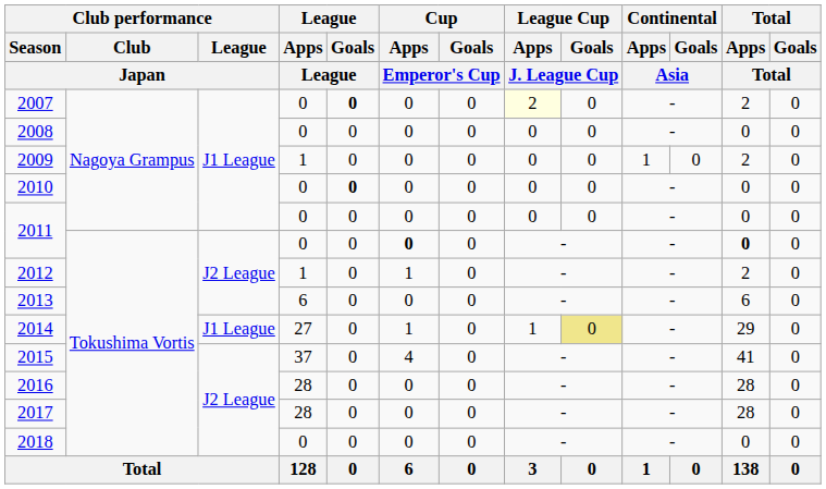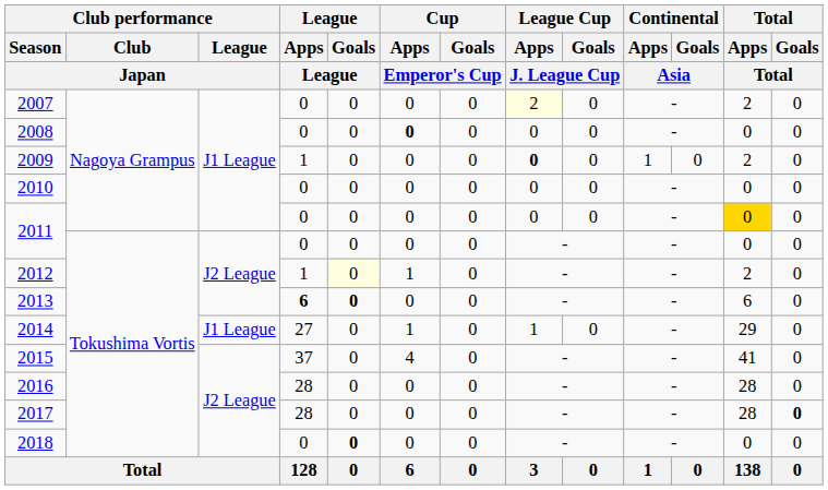 <table class="wikitable" style="text-align:center;">
 <tr>
 <th colspan=3>Club performance</th>
 <th colspan=2>League</th>
 <th colspan=2>Cup</th>
 <th colspan=2>League Cup</th>
 <th colspan=2>Continental</th>
 <th colspan=2>Total</th>
 </tr>
 <tr>
 <th>Season</th>
 <th>Club</th>
 <th>League</th>
 <th>Apps</th>
 <th>Goals</th>
 <th>Apps</th>
 <th>Goals</th>
 <th>Apps</th>
 <th>Goals</th>
 <th>Apps</th>
 <th>Goals</th>
 <th>Apps</th>
 <th>Goals</th>
 </tr>
 <tr>
 <th colspan=3>Japan</th>
 <th colspan=2>League</th>
 <th colspan=2><a href='#'>Emperor's Cup</a></th>
 <th colspan=2><a href='#'>J. League Cup</a></th>
 <th colspan=2><a href='#'>Asia</a></th>
 <th colspan=2>Total</th>
 </tr>
 <tr>
 <td><a href='#'>2007</a></td>
 <td rowspan="5"><a href='#'>Nagoya Grampus</a></td>
 <td rowspan="5"><a href='#'>J1 League</a></td>
 <td>0</td>
-<td><strong>0</strong></td>
+<td>0</td>
 <td>0</td>
 <td>0</td>
 <td style="background: lightyellow;">2</td>
 <td>0</td>
 <td colspan="2">-</td>
 <td>2</td>
 <td>0</td>
 </tr>
 <tr>
 <td><a href='#'>2008</a></td>
 <td>0</td>
 <td>0</td>
-<td>0</td>
+<td><strong>0</strong></td>
 <td>0</td>
 <td>0</td>
 <td>0</td>
 <td colspan="2">-</td>
 <td>0</td>
 <td>0</td>
 </tr>
 <tr>
 <td><a href='#'>2009</a></td>
 <td>1</td>
 <td>0</td>
 <td>0</td>
 <td>0</td>
-<td>0</td>
+<td><strong>0</strong></td>
 <td>0</td>
 <td>1</td>
 <td>0</td>
 <td>2</td>
 <td>0</td>
 </tr>
 <tr>
 <td><a href='#'>2010</a></td>
 <td>0</td>
-<td><strong>0</strong></td>
+<td>0</td>
 <td>0</td>
 <td>0</td>
 <td>0</td>
 <td>0</td>
 <td colspan="2">-</td>
 <td>0</td>
 <td>0</td>
 </tr>
 <tr>
 <td rowspan="2"><a href='#'>2011</a></td>
 <td>0</td>
 <td>0</td>
 <td>0</td>
 <td>0</td>
 <td>0</td>
 <td>0</td>
 <td colspan="2">-</td>
-<td>0</td>
+<td style="background: gold;">0</td>
 <td>0</td>
 </tr>
 <tr>
 <td rowspan="8"><a href='#'>Tokushima Vortis</a></td>
 <td rowspan="3"><a href='#'>J2 League</a></td>
 <td>0</td>
 <td>0</td>
-<td><strong>0</strong></td>
+<td>0</td>
 <td>0</td>
 <td colspan="2">-</td>
 <td colspan="2">-</td>
-<td><strong>0</strong></td>
+<td>0</td>
 <td>0</td>
 </tr>
 <tr>
 <td><a href='#'>2012</a></td>
 <td>1</td>
-<td>0</td>
+<td style="background: lightyellow;">0</td>
 <td>1</td>
 <td>0</td>
 <td colspan="2">-</td>
 <td colspan="2">-</td>
 <td>2</td>
 <td>0</td>
 </tr>
 <tr>
 <td><a href='#'>2013</a></td>
-<td>6</td>
-<td>0</td>
+<td><strong>6</strong></td>
+<td><strong>0</strong></td>
 <td>0</td>
 <td>0</td>
 <td colspan="2">-</td>
 <td colspan="2">-</td>
 <td>6</td>
 <td>0</td>
 </tr>
 <tr>
 <td><a href='#'>2014</a></td>
 <td><a href='#'>J1 League</a></td>
 <td>27</td>
 <td>0</td>
 <td>1</td>
 <td>0</td>
 <td>1</td>
-<td style="background: khaki;">0</td>
+<td>0</td>
 <td colspan="2">-</td>
 <td>29</td>
 <td>0</td>
 </tr>
 <tr>
 <td><a href='#'>2015</a></td>
 <td rowspan="4"><a href='#'>J2 League</a></td>
 <td>37</td>
 <td>0</td>
 <td>4</td>
 <td>0</td>
 <td colspan="2">-</td>
 <td colspan="2">-</td>
 <td>41</td>
 <td>0</td>
 </tr>
 <tr>
 <td><a href='#'>2016</a></td>
 <td>28</td>
 <td>0</td>
 <td>0</td>
 <td>0</td>
 <td colspan="2">-</td>
 <td colspan="2">-</td>
 <td>28</td>
 <td>0</td>
 </tr>
 <tr>
 <td><a href='#'>2017</a></td>
 <td>28</td>
 <td>0</td>
 <td>0</td>
 <td>0</td>
 <td colspan="2">-</td>
 <td colspan="2">-</td>
 <td>28</td>
-<td>0</td>
+<td><strong>0</strong></td>
 </tr>
 <tr>
 <td><a href='#'>2018</a></td>
 <td>0</td>
-<td>0</td>
+<td><strong>0</strong></td>
 <td>0</td>
 <td>0</td>
 <td colspan="2">-</td>
 <td colspan="2">-</td>
 <td>0</td>
 <td>0</td>
 </tr>
 <tr>
 <th colspan=3>Total</th>
 <th>128</th>
 <th>0</th>
 <th>6</th>
 <th>0</th>
 <th>3</th>
 <th>0</th>
 <th>1</th>
 <th>0</th>
 <th>138</th>
 <th>0</th>
 </tr>
 </table>
